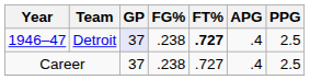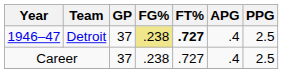 <table class="wikitable sortable" style="font-size:95%; text-align:right;">
 <tr>
 <th>Year</th>
 <th>Team</th>
 <th>GP</th>
 <th>FG%</th>
 <th>FT%</th>
 <th>APG</th>
 <th>PPG</th>
 </tr>
 <tr>
 <td style="text-align:left;"><a href='#'>1946–47</a></td>
 <td style="text-align:left;"><a href='#'>Detroit</a></td>
-<td style="background: lavender;">37</td>
-<td>.238</td>
+<td>37</td>
+<td style="background: khaki;">.238</td>
 <td><strong>.727</strong></td>
 <td>.4</td>
 <td>2.5</td>
 </tr>
 <tr>
 <td style="text-align:center;" colspan="2">Career</td>
 <td>37</td>
 <td>.238</td>
 <td>.727</td>
 <td>.4</td>
 <td>2.5</td>
 </tr>
 <tr>
 </tr>
 </table>
